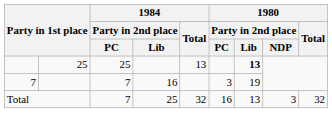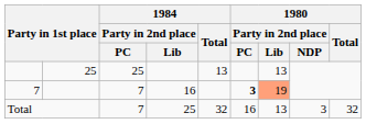 <table class="wikitable" style="text-align:right;">
 <tr>
 <th rowspan="3" colspan="2" style="text-align:left;">Party in 1st place</th>
 <th colspan="3">1984</th>
 <th colspan="4">1980</th>
 </tr>
 <tr>
 <th colspan="2">Party in 2nd place</th>
 <th rowspan="2">Total</th>
 <th colspan="3">Party in 2nd place</th>
 <th rowspan="2">Total</th>
 </tr>
 <tr>
 <th>PC</th>
 <th>Lib</th>
 <th>PC</th>
 <th>Lib</th>
 <th>NDP</th>
 </tr>
 <tr>
 <td></td>
 <td>25</td>
 <td>25</td>
 <td></td>
 <td>13</td>
 <td></td>
-<td><strong>13</strong></td>
+<td>13</td>
 </tr>
 <tr>
 <td>7</td>
 <td></td>
 <td>7</td>
 <td>16</td>
 <td></td>
-<td>3</td>
-<td>19</td>
+<td><strong>3</strong></td>
+<td style="background: lightsalmon;">19</td>
 </tr>
 <tr>
 <td colspan="2" style="text-align:left;">Total</td>
 <td>7</td>
 <td>25</td>
 <td>32</td>
 <td>16</td>
 <td>13</td>
 <td>3</td>
 <td>32</td>
 </tr>
 </table>
